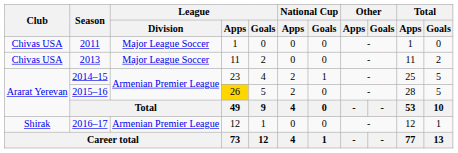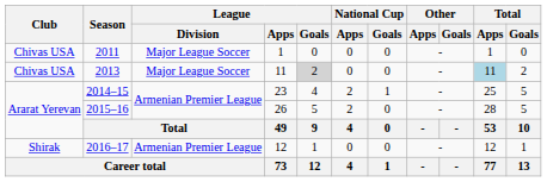 <table class="wikitable" style="text-align: center;">
 <tr>
 <th rowspan="2">Club</th>
 <th rowspan="2">Season</th>
 <th colspan="3">League</th>
 <th colspan="2">National Cup</th>
 <th colspan="2">Other</th>
 <th colspan="2">Total</th>
 </tr>
 <tr>
 <th>Division</th>
 <th>Apps</th>
 <th>Goals</th>
 <th>Apps</th>
 <th>Goals</th>
 <th>Apps</th>
 <th>Goals</th>
 <th>Apps</th>
 <th>Goals</th>
 </tr>
 <tr>
 <td valign="center"><a href='#'>Chivas USA</a></td>
 <td><a href='#'>2011</a></td>
 <td><a href='#'>Major League Soccer</a></td>
 <td>1</td>
 <td>0</td>
 <td>0</td>
 <td>0</td>
 <td colspan="2">-</td>
 <td>1</td>
 <td>0</td>
 </tr>
 <tr>
 <td valign="center"><a href='#'>Chivas USA</a></td>
 <td><a href='#'>2013</a></td>
 <td><a href='#'>Major League Soccer</a></td>
 <td>11</td>
-<td>2</td>
+<td style="background: lightgrey;">2</td>
 <td>0</td>
 <td>0</td>
 <td colspan="2">-</td>
-<td>11</td>
+<td style="background: lightblue;">11</td>
 <td>2</td>
 </tr>
 <tr>
 <td rowspan="3" valign="center"><a href='#'>Ararat Yerevan</a></td>
 <td><a href='#'>2014–15</a></td>
 <td rowspan="2" valign="center"><a href='#'>Armenian Premier League</a></td>
 <td>23</td>
 <td>4</td>
 <td>2</td>
 <td>1</td>
 <td colspan="2">-</td>
 <td>25</td>
 <td>5</td>
 </tr>
 <tr>
 <td><a href='#'>2015–16</a></td>
-<td style="background: gold;">26</td>
+<td>26</td>
 <td>5</td>
 <td>2</td>
 <td>0</td>
 <td colspan="2">-</td>
 <td>28</td>
 <td>5</td>
 </tr>
 <tr>
 <th colspan="2">Total</th>
 <th>49</th>
 <th>9</th>
 <th>4</th>
 <th>0</th>
 <th>-</th>
 <th>-</th>
 <th>53</th>
 <th>10</th>
 </tr>
 <tr>
 <td valign="center"><a href='#'>Shirak</a></td>
 <td><a href='#'>2016–17</a></td>
 <td><a href='#'>Armenian Premier League</a></td>
 <td>12</td>
 <td>1</td>
 <td>0</td>
 <td>0</td>
 <td colspan="2">-</td>
 <td>12</td>
 <td>1</td>
 </tr>
 <tr>
 <th colspan="3">Career total</th>
 <th>73</th>
 <th>12</th>
 <th>4</th>
 <th>1</th>
 <th>-</th>
 <th>-</th>
 <th>77</th>
 <th>13</th>
 </tr>
 </table>
